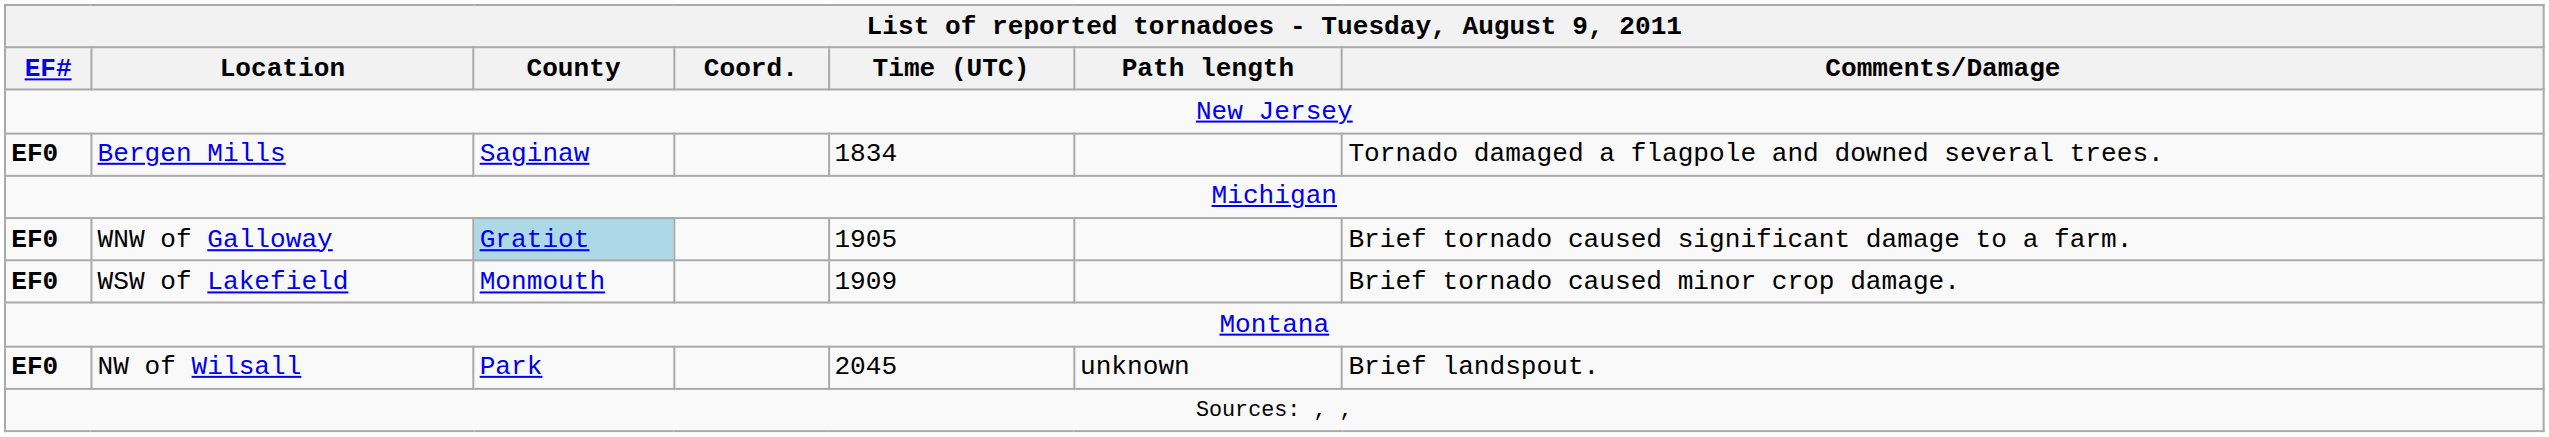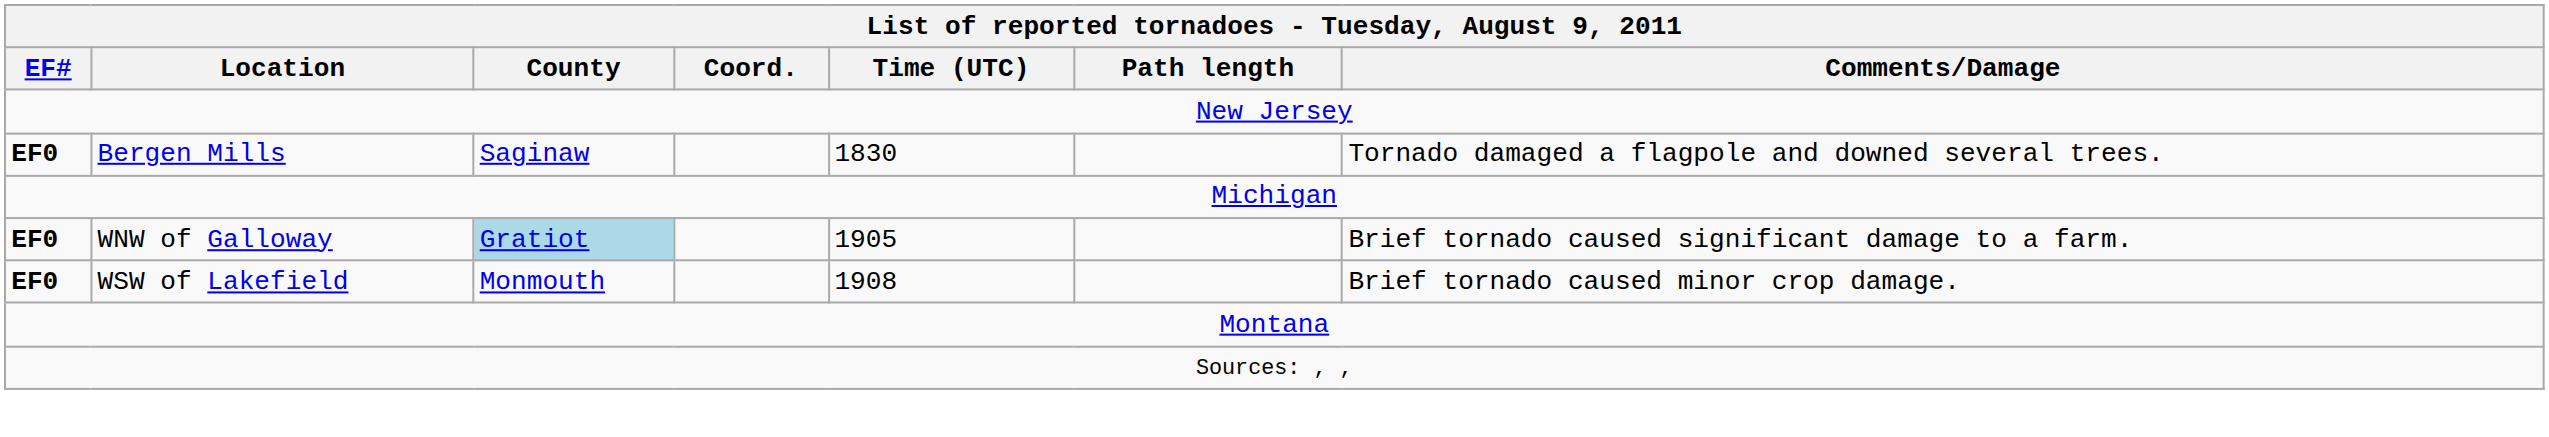 <table class="wikitable collapsible" width="100%">
 <tr>
 <th colspan="7">List of reported tornadoes - Tuesday, August 9, 2011</th>
 </tr>
 <tr>
 <th><a href='#'>EF#</a></th>
 <th>Location</th>
 <th>County</th>
 <th>Coord.</th>
 <th>Time (UTC)</th>
 <th>Path length</th>
 <th>Comments/Damage</th>
 </tr>
 <tr>
 <td colspan="7" align=center><a href='#'>New Jersey</a></td>
 </tr>
 <tr>
 <td><strong>EF0</strong></td>
 <td><a href='#'>Bergen Mills</a></td>
 <td><a href='#'>Saginaw</a></td>
 <td></td>
-<td>1834</td>
+<td>1830</td>
 <td></td>
 <td>Tornado damaged a flagpole and downed several trees.</td>
 </tr>
 <tr>
 <td colspan="7" align=center><a href='#'>Michigan</a></td>
 </tr>
 <tr>
 <td><strong>EF0</strong></td>
 <td>WNW of <a href='#'>Galloway</a></td>
 <td style="background: lightblue;"><a href='#'>Gratiot</a></td>
 <td></td>
 <td>1905</td>
 <td></td>
 <td>Brief tornado caused significant damage to a farm.</td>
 </tr>
 <tr>
 <td><strong>EF0</strong></td>
 <td>WSW of <a href='#'>Lakefield</a></td>
 <td><a href='#'>Monmouth</a></td>
 <td></td>
-<td>1909</td>
+<td>1908</td>
 <td></td>
 <td>Brief tornado caused minor crop damage.</td>
 </tr>
 <tr>
 <td colspan="7" align=center><a href='#'>Montana</a></td>
 </tr>
 <tr>
-<td><strong>EF0</strong></td>
-<td>NW of <a href='#'>Wilsall</a></td>
-<td><a href='#'>Park</a></td>
-<td></td>
-<td>2045</td>
-<td>unknown</td>
-<td>Brief landspout.</td>
-</tr>
-<tr>
 <td colspan="7" align=center><small>Sources: , , </small></td>
 </tr>
 </table>
